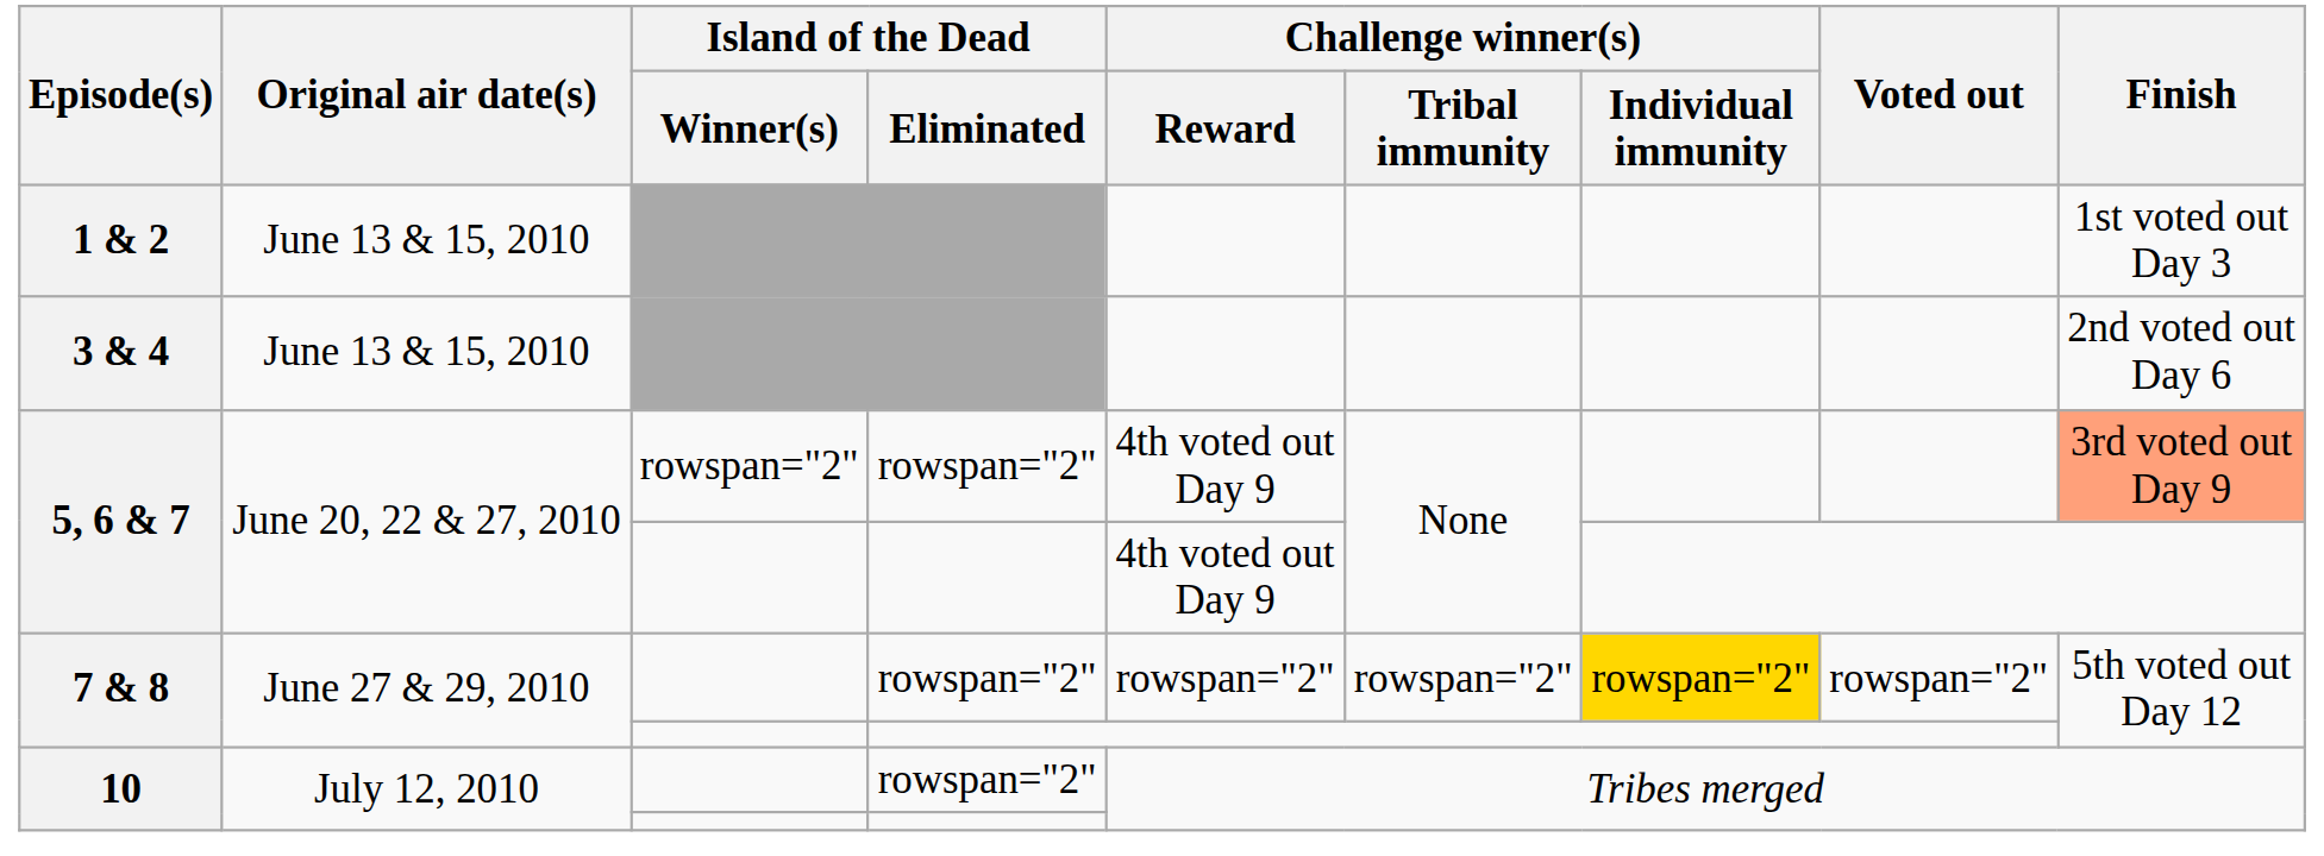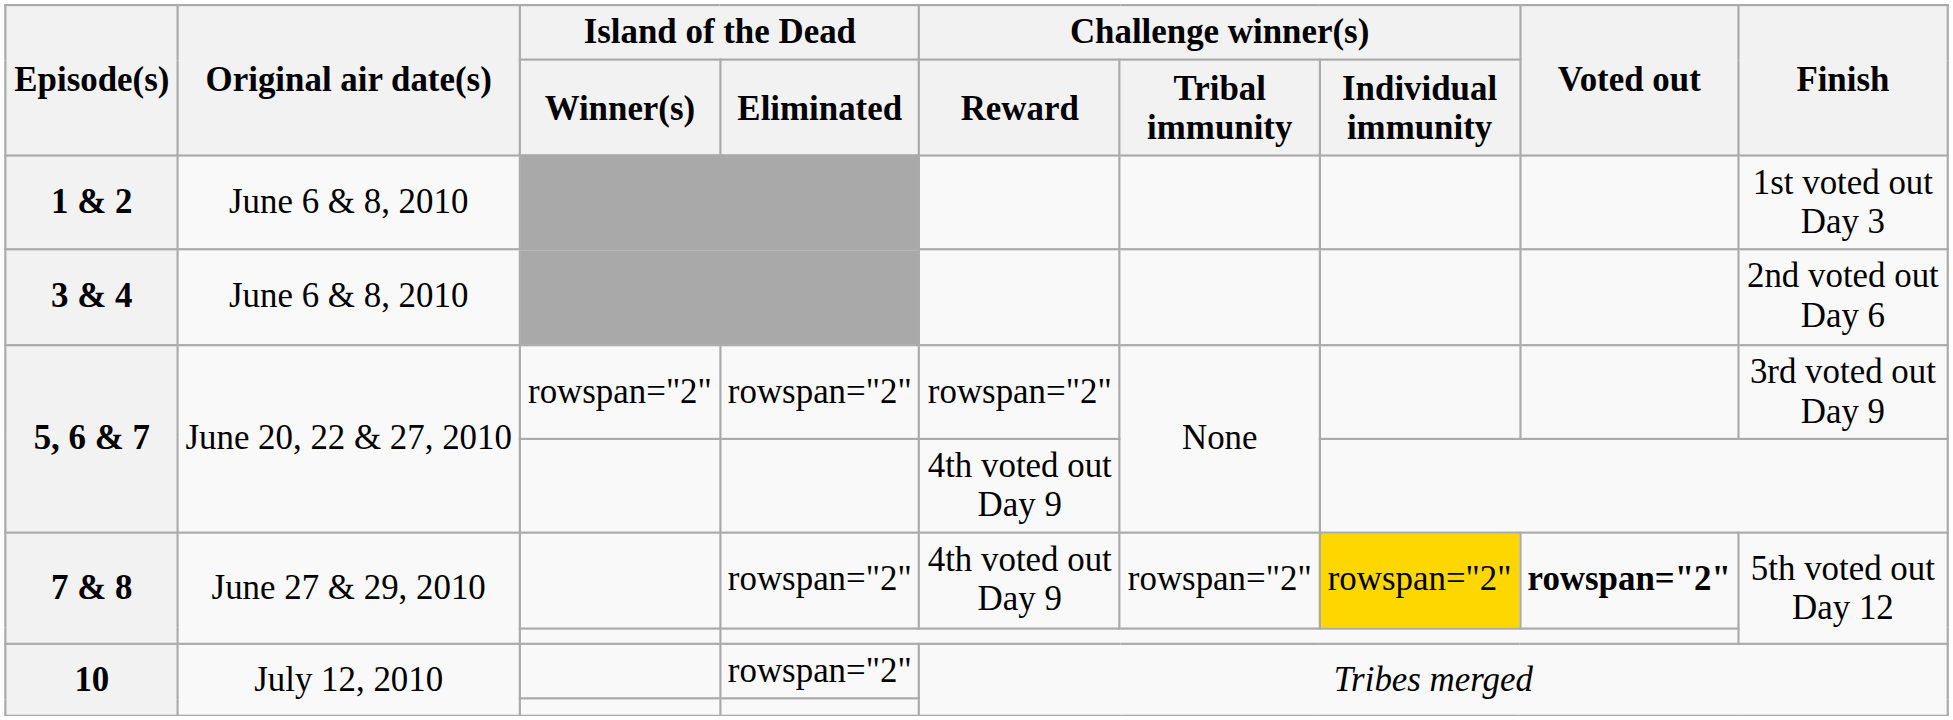 <table class="wikitable nowrap" style="margin:auto; text-align:center">
 <tr>
 <th rowspan="2">Episode(s)</th>
 <th rowspan="2">Original air date(s)</th>
 <th colspan="2">Island of the Dead</th>
 <th colspan="3">Challenge winner(s)</th>
 <th rowspan="2">Voted out</th>
 <th rowspan="2">Finish</th>
 </tr>
 <tr>
 <th>Winner(s)</th>
 <th>Eliminated</th>
 <th>Reward</th>
 <th>Tribal<br>immunity</th>
 <th>Individual<br>immunity</th>
 </tr>
 <tr>
 <th>1 & 2</th>
-<td>June 13 & 15, 2010</td>
+<td>June 6 & 8, 2010</td>
 <td bgcolor="darkgray" colspan=2></td>
 <td></td>
 <td></td>
 <td></td>
 <td></td>
 <td>1st voted out<br>Day 3</td>
 </tr>
 <tr>
 <th>3 & 4</th>
-<td>June 13 & 15, 2010</td>
+<td>June 6 & 8, 2010</td>
 <td bgcolor="darkgray" colspan=2></td>
 <td></td>
 <td></td>
 <td></td>
 <td></td>
 <td>2nd voted out<br>Day 6</td>
 </tr>
 <tr>
 <th rowspan="2">5, 6 & 7</th>
 <td rowspan="2">June 20, 22 & 27, 2010</td>
 <td>rowspan="2" </td>
 <td>rowspan="2" </td>
-<td>4th voted out<br>Day 9</td>
+<td>rowspan="2" </td>
 <td rowspan="2">None</td>
 <td></td>
 <td></td>
-<td style="background: lightsalmon;">3rd voted out<br>Day 9</td>
+<td>3rd voted out<br>Day 9</td>
 </tr>
 <tr>
 <td></td>
 <td></td>
 <td>4th voted out<br>Day 9</td>
 </tr>
 <tr>
 <th rowspan="2">7 & 8</th>
 <td rowspan="2">June 27 & 29, 2010</td>
 <td></td>
 <td>rowspan="2" </td>
-<td>rowspan="2" </td>
+<td>4th voted out<br>Day 9</td>
 <td>rowspan="2" </td>
 <td style="background: gold;">rowspan="2" </td>
-<td>rowspan="2" </td>
+<td><strong>rowspan="2" </strong></td>
 <td rowspan="2">5th voted out<br>Day 12</td>
 </tr>
 <tr>
 <td></td>
 </tr>
 <tr>
 <th rowspan="2">10</th>
 <td rowspan="2">July 12, 2010</td>
 <td></td>
 <td>rowspan="2" </td>
 <td rowspan="2" colspan="5"><em>Tribes merged</em></td>
 </tr>
 <tr>
 <td></td>
 </tr>
 </table>
